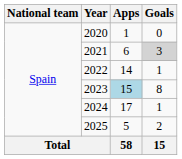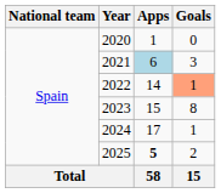 <table class="wikitable" style="text-align:center">
 <tr>
 <th>National team</th>
 <th>Year</th>
 <th>Apps</th>
 <th>Goals</th>
 </tr>
 <tr>
 <td rowspan="6"><a href='#'>Spain</a></td>
 <td>2020</td>
 <td>1</td>
 <td>0</td>
 </tr>
 <tr>
 <td>2021</td>
-<td>6</td>
-<td style="background: lightgrey;">3</td>
+<td style="background: lightblue;">6</td>
+<td>3</td>
 </tr>
 <tr>
 <td>2022</td>
 <td>14</td>
-<td>1</td>
+<td style="background: lightsalmon;">1</td>
 </tr>
 <tr>
 <td>2023</td>
-<td style="background: lightblue;">15</td>
+<td>15</td>
 <td>8</td>
 </tr>
 <tr>
 <td>2024</td>
 <td>17</td>
 <td>1</td>
 </tr>
 <tr>
 <td>2025</td>
-<td>5</td>
+<td><strong>5</strong></td>
 <td>2</td>
 </tr>
 <tr>
 <th colspan="2">Total</th>
 <th>58</th>
 <th>15</th>
 </tr>
 </table>
